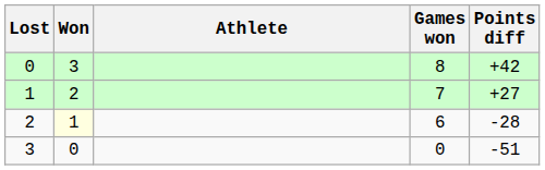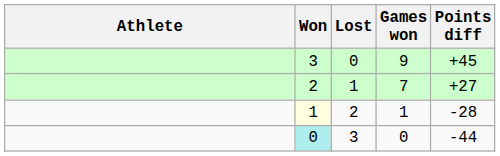 <table class="wikitable">
 <tr>
+<th style="width:18em">Athlete</th>
+<th>Won</th>
 <th>Lost</th>
-<th>Won</th>
-<th style="width:18em">Athlete</th>
 <th>Games<br>won</th>
 <th>Points<br>diff</th>
 </tr>
 <tr bgcolor="#ccffcc">
+<td></td>
+<td align="center">3</td>
 <td align="center">0</td>
-<td align="center">3</td>
-<td></td>
-<td align="center">8</td>
-<td align="center">+42</td>
+<td align="center">9</td>
+<td align="center">+45</td>
 </tr>
 <tr bgcolor="#ccffcc">
+<td></td>
+<td align="center">2</td>
 <td align="center">1</td>
-<td align="center">2</td>
-<td></td>
 <td align="center">7</td>
 <td align="center">+27</td>
 </tr>
 <tr>
+<td></td>
+<td align="center" style="background: lightyellow;">1</td>
 <td align="center">2</td>
-<td align="center" style="background: lightyellow;">1</td>
-<td></td>
-<td align="center">6</td>
+<td align="center">1</td>
 <td align="center">-28</td>
 </tr>
 <tr>
+<td></td>
+<td align="center" style="background: paleturquoise;">0</td>
 <td align="center">3</td>
 <td align="center">0</td>
-<td></td>
-<td align="center">0</td>
-<td align="center">-51</td>
+<td align="center">-44</td>
 </tr>
 </table>
